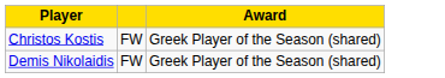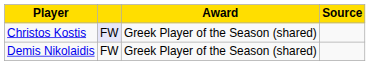 <table class="wikitable">
 <tr>
 <th style="background:#FFDE00">Player</th>
 <th style="background:#FFDE00"></th>
 <th style="background:#FFDE00">Award</th>
+<th style="background:#FFDE00">Source</th>
 </tr>
 <tr>
 <td> <a href='#'>Christos Kostis</a></td>
-<td align="center">FW</td>
+<td align="center" style="background: lavender;">FW</td>
 <td align="center">Greek Player of the Season (shared)</td>
+<td align="center"></td>
 </tr>
 <tr>
 <td> <a href='#'>Demis Nikolaidis</a></td>
 <td align="center">FW</td>
 <td align="center">Greek Player of the Season (shared)</td>
+<td align="center"></td>
 </tr>
 </table>
